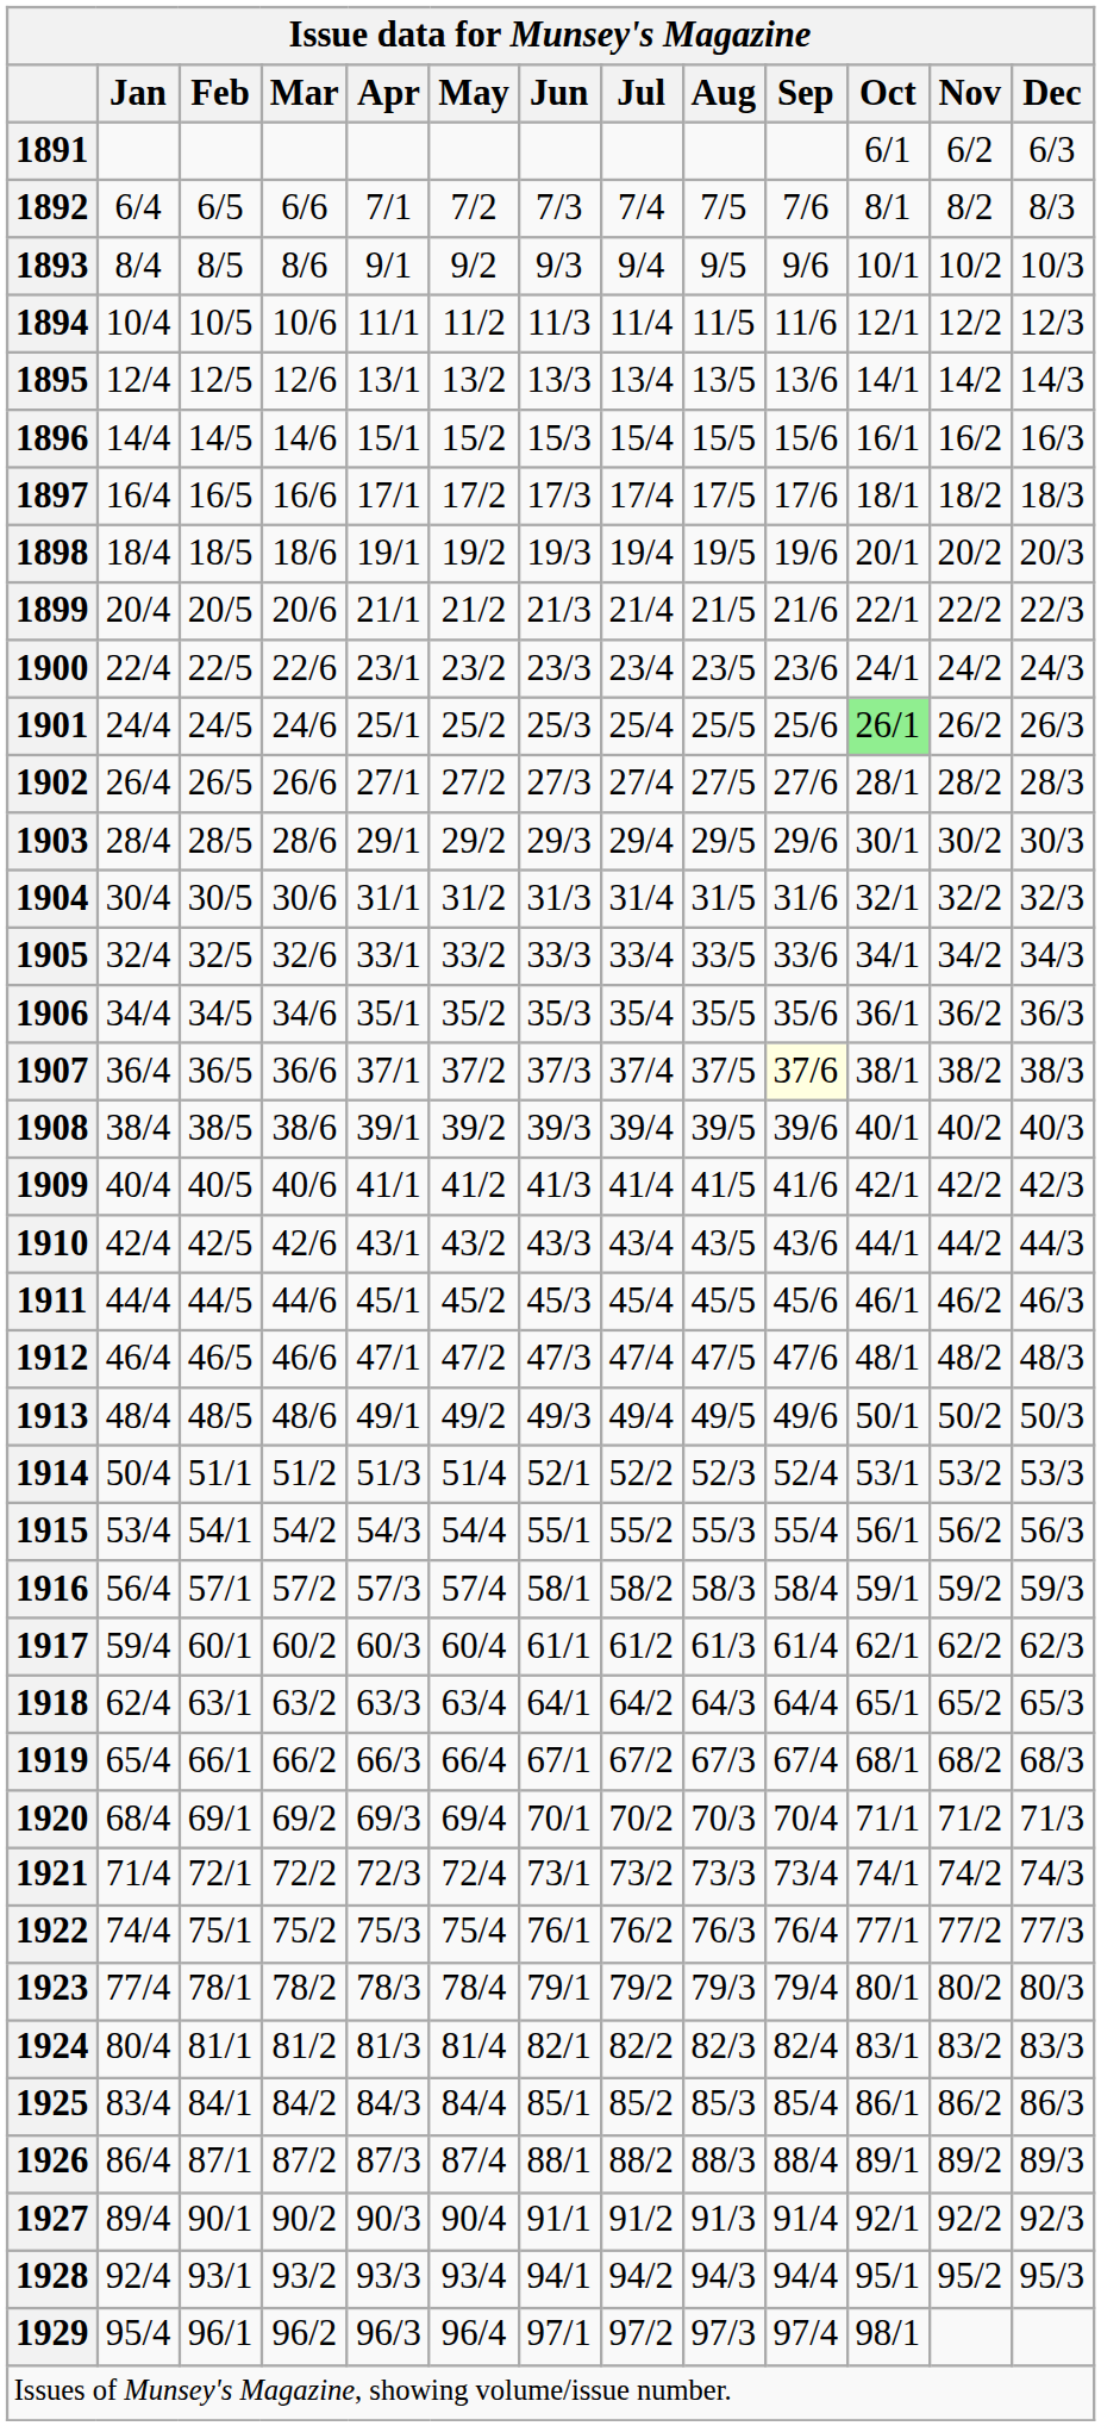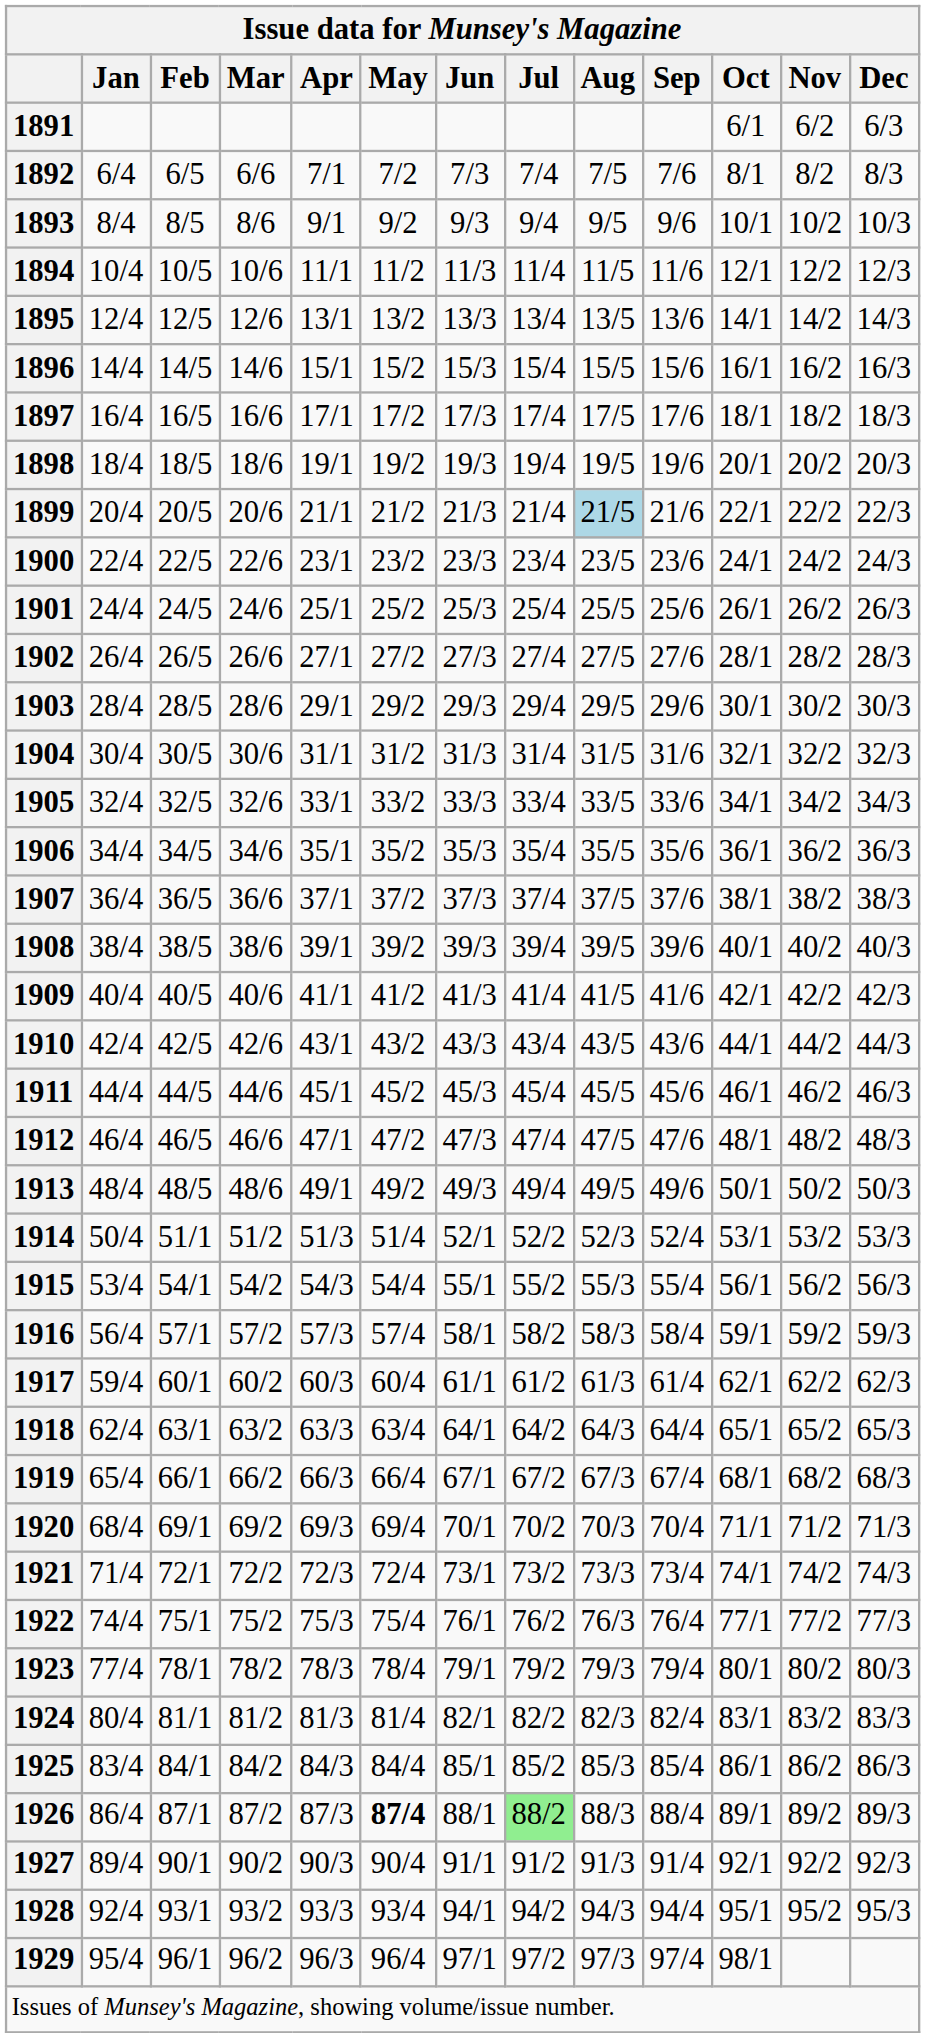 <table class="wikitable collapsible collapsed" style="font-size: 10pt; line-height: 11pt; margin-left: 2em; text-align: center; float: right">
 <tr>
 <th colspan="13">Issue data for <em>Munsey's Magazine</em></th>
 </tr>
 <tr>
 <th></th>
 <th>Jan</th>
 <th>Feb</th>
 <th>Mar</th>
 <th>Apr</th>
 <th>May</th>
 <th>Jun</th>
 <th>Jul</th>
 <th>Aug</th>
 <th>Sep</th>
 <th>Oct</th>
 <th>Nov</th>
 <th>Dec</th>
 </tr>
 <tr>
 <th>1891</th>
 <td></td>
 <td></td>
 <td></td>
 <td></td>
 <td></td>
 <td></td>
 <td></td>
 <td></td>
 <td></td>
 <td>6/1</td>
 <td>6/2</td>
 <td>6/3</td>
 </tr>
 <tr>
 <th>1892</th>
 <td>6/4</td>
 <td>6/5</td>
 <td>6/6</td>
 <td>7/1</td>
 <td>7/2</td>
 <td>7/3</td>
 <td>7/4</td>
 <td>7/5</td>
 <td>7/6</td>
 <td>8/1</td>
 <td>8/2</td>
 <td>8/3</td>
 </tr>
 <tr>
 <th>1893</th>
 <td>8/4</td>
 <td>8/5</td>
 <td>8/6</td>
 <td>9/1</td>
 <td>9/2</td>
 <td>9/3</td>
 <td>9/4</td>
 <td>9/5</td>
 <td>9/6</td>
 <td>10/1</td>
 <td>10/2</td>
 <td>10/3</td>
 </tr>
 <tr>
 <th>1894</th>
 <td>10/4</td>
 <td>10/5</td>
 <td>10/6</td>
 <td>11/1</td>
 <td>11/2</td>
 <td>11/3</td>
 <td>11/4</td>
 <td>11/5</td>
 <td>11/6</td>
 <td>12/1</td>
 <td>12/2</td>
 <td>12/3</td>
 </tr>
 <tr>
 <th>1895</th>
 <td>12/4</td>
 <td>12/5</td>
 <td>12/6</td>
 <td>13/1</td>
 <td>13/2</td>
 <td>13/3</td>
 <td>13/4</td>
 <td>13/5</td>
 <td>13/6</td>
 <td>14/1</td>
 <td>14/2</td>
 <td>14/3</td>
 </tr>
 <tr>
 <th>1896</th>
 <td>14/4</td>
 <td>14/5</td>
 <td>14/6</td>
 <td>15/1</td>
 <td>15/2</td>
 <td>15/3</td>
 <td>15/4</td>
 <td>15/5</td>
 <td>15/6</td>
 <td>16/1</td>
 <td>16/2</td>
 <td>16/3</td>
 </tr>
 <tr>
 <th>1897</th>
 <td>16/4</td>
 <td>16/5</td>
 <td>16/6</td>
 <td>17/1</td>
 <td>17/2</td>
 <td>17/3</td>
 <td>17/4</td>
 <td>17/5</td>
 <td>17/6</td>
 <td>18/1</td>
 <td>18/2</td>
 <td>18/3</td>
 </tr>
 <tr>
 <th>1898</th>
 <td>18/4</td>
 <td>18/5</td>
 <td>18/6</td>
 <td>19/1</td>
 <td>19/2</td>
 <td>19/3</td>
 <td>19/4</td>
 <td>19/5</td>
 <td>19/6</td>
 <td>20/1</td>
 <td>20/2</td>
 <td>20/3</td>
 </tr>
 <tr>
 <th>1899</th>
 <td>20/4</td>
 <td>20/5</td>
 <td>20/6</td>
 <td>21/1</td>
 <td>21/2</td>
 <td>21/3</td>
 <td>21/4</td>
-<td>21/5</td>
+<td style="background: lightblue;">21/5</td>
 <td>21/6</td>
 <td>22/1</td>
 <td>22/2</td>
 <td>22/3</td>
 </tr>
 <tr>
 <th>1900</th>
 <td>22/4</td>
 <td>22/5</td>
 <td>22/6</td>
 <td>23/1</td>
 <td>23/2</td>
 <td>23/3</td>
 <td>23/4</td>
 <td>23/5</td>
 <td>23/6</td>
 <td>24/1</td>
 <td>24/2</td>
 <td>24/3</td>
 </tr>
 <tr>
 <th>1901</th>
 <td>24/4</td>
 <td>24/5</td>
 <td>24/6</td>
 <td>25/1</td>
 <td>25/2</td>
 <td>25/3</td>
 <td>25/4</td>
 <td>25/5</td>
 <td>25/6</td>
-<td style="background: lightgreen;">26/1</td>
+<td>26/1</td>
 <td>26/2</td>
 <td>26/3</td>
 </tr>
 <tr>
 <th>1902</th>
 <td>26/4</td>
 <td>26/5</td>
 <td>26/6</td>
 <td>27/1</td>
 <td>27/2</td>
 <td>27/3</td>
 <td>27/4</td>
 <td>27/5</td>
 <td>27/6</td>
 <td>28/1</td>
 <td>28/2</td>
 <td>28/3</td>
 </tr>
 <tr>
 <th>1903</th>
 <td>28/4</td>
 <td>28/5</td>
 <td>28/6</td>
 <td>29/1</td>
 <td>29/2</td>
 <td>29/3</td>
 <td>29/4</td>
 <td>29/5</td>
 <td>29/6</td>
 <td>30/1</td>
 <td>30/2</td>
 <td>30/3</td>
 </tr>
 <tr>
 <th>1904</th>
 <td>30/4</td>
 <td>30/5</td>
 <td>30/6</td>
 <td>31/1</td>
 <td>31/2</td>
 <td>31/3</td>
 <td>31/4</td>
 <td>31/5</td>
 <td>31/6</td>
 <td>32/1</td>
 <td>32/2</td>
 <td>32/3</td>
 </tr>
 <tr>
 <th>1905</th>
 <td>32/4</td>
 <td>32/5</td>
 <td>32/6</td>
 <td>33/1</td>
 <td>33/2</td>
 <td>33/3</td>
 <td>33/4</td>
 <td>33/5</td>
 <td>33/6</td>
 <td>34/1</td>
 <td>34/2</td>
 <td>34/3</td>
 </tr>
 <tr>
 <th>1906</th>
 <td>34/4</td>
 <td>34/5</td>
 <td>34/6</td>
 <td>35/1</td>
 <td>35/2</td>
 <td>35/3</td>
 <td>35/4</td>
 <td>35/5</td>
 <td>35/6</td>
 <td>36/1</td>
 <td>36/2</td>
 <td>36/3</td>
 </tr>
 <tr>
 <th>1907</th>
 <td>36/4</td>
 <td>36/5</td>
 <td>36/6</td>
 <td>37/1</td>
 <td>37/2</td>
 <td>37/3</td>
 <td>37/4</td>
 <td>37/5</td>
-<td style="background: lightyellow;">37/6</td>
+<td>37/6</td>
 <td>38/1</td>
 <td>38/2</td>
 <td>38/3</td>
 </tr>
 <tr>
 <th>1908</th>
 <td>38/4</td>
 <td>38/5</td>
 <td>38/6</td>
 <td>39/1</td>
 <td>39/2</td>
 <td>39/3</td>
 <td>39/4</td>
 <td>39/5</td>
 <td>39/6</td>
 <td>40/1</td>
 <td>40/2</td>
 <td>40/3</td>
 </tr>
 <tr>
 <th>1909</th>
 <td>40/4</td>
 <td>40/5</td>
 <td>40/6</td>
 <td>41/1</td>
 <td>41/2</td>
 <td>41/3</td>
 <td>41/4</td>
 <td>41/5</td>
 <td>41/6</td>
 <td>42/1</td>
 <td>42/2</td>
 <td>42/3</td>
 </tr>
 <tr>
 <th>1910</th>
 <td>42/4</td>
 <td>42/5</td>
 <td>42/6</td>
 <td>43/1</td>
 <td>43/2</td>
 <td>43/3</td>
 <td>43/4</td>
 <td>43/5</td>
 <td>43/6</td>
 <td>44/1</td>
 <td>44/2</td>
 <td>44/3</td>
 </tr>
 <tr>
 <th>1911</th>
 <td>44/4</td>
 <td>44/5</td>
 <td>44/6</td>
 <td>45/1</td>
 <td>45/2</td>
 <td>45/3</td>
 <td>45/4</td>
 <td>45/5</td>
 <td>45/6</td>
 <td>46/1</td>
 <td>46/2</td>
 <td>46/3</td>
 </tr>
 <tr>
 <th>1912</th>
 <td>46/4</td>
 <td>46/5</td>
 <td>46/6</td>
 <td>47/1</td>
 <td>47/2</td>
 <td>47/3</td>
 <td>47/4</td>
 <td>47/5</td>
 <td>47/6</td>
 <td>48/1</td>
 <td>48/2</td>
 <td>48/3</td>
 </tr>
 <tr>
 <th>1913</th>
 <td>48/4</td>
 <td>48/5</td>
 <td>48/6</td>
 <td>49/1</td>
 <td>49/2</td>
 <td>49/3</td>
 <td>49/4</td>
 <td>49/5</td>
 <td>49/6</td>
 <td>50/1</td>
 <td>50/2</td>
 <td>50/3</td>
 </tr>
 <tr>
 <th>1914</th>
 <td>50/4</td>
 <td>51/1</td>
 <td>51/2</td>
 <td>51/3</td>
 <td>51/4</td>
 <td>52/1</td>
 <td>52/2</td>
 <td>52/3</td>
 <td>52/4</td>
 <td>53/1</td>
 <td>53/2</td>
 <td>53/3</td>
 </tr>
 <tr>
 <th>1915</th>
 <td>53/4</td>
 <td>54/1</td>
 <td>54/2</td>
 <td>54/3</td>
 <td>54/4</td>
 <td>55/1</td>
 <td>55/2</td>
 <td>55/3</td>
 <td>55/4</td>
 <td>56/1</td>
 <td>56/2</td>
 <td>56/3</td>
 </tr>
 <tr>
 <th>1916</th>
 <td>56/4</td>
 <td>57/1</td>
 <td>57/2</td>
 <td>57/3</td>
 <td>57/4</td>
 <td>58/1</td>
 <td>58/2</td>
 <td>58/3</td>
 <td>58/4</td>
 <td>59/1</td>
 <td>59/2</td>
 <td>59/3</td>
 </tr>
 <tr>
 <th>1917</th>
 <td>59/4</td>
 <td>60/1</td>
 <td>60/2</td>
 <td>60/3</td>
 <td>60/4</td>
 <td>61/1</td>
 <td>61/2</td>
 <td>61/3</td>
 <td>61/4</td>
 <td>62/1</td>
 <td>62/2</td>
 <td>62/3</td>
 </tr>
 <tr>
 <th>1918</th>
 <td>62/4</td>
 <td>63/1</td>
 <td>63/2</td>
 <td>63/3</td>
 <td>63/4</td>
 <td>64/1</td>
 <td>64/2</td>
 <td>64/3</td>
 <td>64/4</td>
 <td>65/1</td>
 <td>65/2</td>
 <td>65/3</td>
 </tr>
 <tr>
 <th>1919</th>
 <td>65/4</td>
 <td>66/1</td>
 <td>66/2</td>
 <td>66/3</td>
 <td>66/4</td>
 <td>67/1</td>
 <td>67/2</td>
 <td>67/3</td>
 <td>67/4</td>
 <td>68/1</td>
 <td>68/2</td>
 <td>68/3</td>
 </tr>
 <tr>
 <th>1920</th>
 <td>68/4</td>
 <td>69/1</td>
 <td>69/2</td>
 <td>69/3</td>
 <td>69/4</td>
 <td>70/1</td>
 <td>70/2</td>
 <td>70/3</td>
 <td>70/4</td>
 <td>71/1</td>
 <td>71/2</td>
 <td>71/3</td>
 </tr>
 <tr>
 <th>1921</th>
 <td>71/4</td>
 <td>72/1</td>
 <td>72/2</td>
 <td>72/3</td>
 <td>72/4</td>
 <td>73/1</td>
 <td>73/2</td>
 <td>73/3</td>
 <td>73/4</td>
 <td>74/1</td>
 <td>74/2</td>
 <td>74/3</td>
 </tr>
 <tr>
 <th>1922</th>
 <td>74/4</td>
 <td>75/1</td>
 <td>75/2</td>
 <td>75/3</td>
 <td>75/4</td>
 <td>76/1</td>
 <td>76/2</td>
 <td>76/3</td>
 <td>76/4</td>
 <td>77/1</td>
 <td>77/2</td>
 <td>77/3</td>
 </tr>
 <tr>
 <th>1923</th>
 <td>77/4</td>
 <td>78/1</td>
 <td>78/2</td>
 <td>78/3</td>
 <td>78/4</td>
 <td>79/1</td>
 <td>79/2</td>
 <td>79/3</td>
 <td>79/4</td>
 <td>80/1</td>
 <td>80/2</td>
 <td>80/3</td>
 </tr>
 <tr>
 <th>1924</th>
 <td>80/4</td>
 <td>81/1</td>
 <td>81/2</td>
 <td>81/3</td>
 <td>81/4</td>
 <td>82/1</td>
 <td>82/2</td>
 <td>82/3</td>
 <td>82/4</td>
 <td>83/1</td>
 <td>83/2</td>
 <td>83/3</td>
 </tr>
 <tr>
 <th>1925</th>
 <td>83/4</td>
 <td>84/1</td>
 <td>84/2</td>
 <td>84/3</td>
 <td>84/4</td>
 <td>85/1</td>
 <td>85/2</td>
 <td>85/3</td>
 <td>85/4</td>
 <td>86/1</td>
 <td>86/2</td>
 <td>86/3</td>
 </tr>
 <tr>
 <th>1926</th>
 <td>86/4</td>
 <td>87/1</td>
 <td>87/2</td>
 <td>87/3</td>
-<td>87/4</td>
+<td><strong>87/4</strong></td>
 <td>88/1</td>
-<td>88/2</td>
+<td style="background: lightgreen;">88/2</td>
 <td>88/3</td>
 <td>88/4</td>
 <td>89/1</td>
 <td>89/2</td>
 <td>89/3</td>
 </tr>
 <tr>
 <th>1927</th>
 <td>89/4</td>
 <td>90/1</td>
 <td>90/2</td>
 <td>90/3</td>
 <td>90/4</td>
 <td>91/1</td>
 <td>91/2</td>
 <td>91/3</td>
 <td>91/4</td>
 <td>92/1</td>
 <td>92/2</td>
 <td>92/3</td>
 </tr>
 <tr>
 <th>1928</th>
 <td>92/4</td>
 <td>93/1</td>
 <td>93/2</td>
 <td>93/3</td>
 <td>93/4</td>
 <td>94/1</td>
 <td>94/2</td>
 <td>94/3</td>
 <td>94/4</td>
 <td>95/1</td>
 <td>95/2</td>
 <td>95/3</td>
 </tr>
 <tr>
 <th>1929</th>
 <td>95/4</td>
 <td>96/1</td>
 <td>96/2</td>
 <td>96/3</td>
 <td>96/4</td>
 <td>97/1</td>
 <td>97/2</td>
 <td>97/3</td>
 <td>97/4</td>
 <td>98/1</td>
 <td></td>
 <td></td>
 </tr>
 <tr>
 <td colspan="13" style="font-size: 8pt; text-align:left">Issues of <em>Munsey's Magazine</em>, showing volume/issue number.</td>
 </tr>
 </table>
